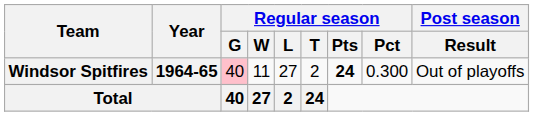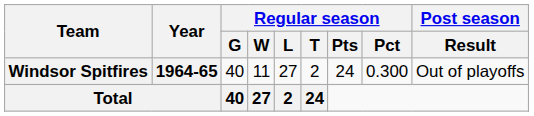 <table class="wikitable" style="font-size: 95%; text-align:center;">
 <tr>
 <th rowspan="2">Team</th>
 <th rowspan="2">Year</th>
 <th colspan="6"><a href='#'>Regular season</a></th>
 <th colspan="1"><a href='#'>Post season</a></th>
 </tr>
 <tr>
 <th>G</th>
 <th>W</th>
 <th>L</th>
 <th>T</th>
 <th>Pts</th>
 <th>Pct</th>
 <th>Result</th>
 </tr>
 <tr>
 <th>Windsor Spitfires</th>
 <th>1964-65</th>
-<td style="background: pink;">40</td>
+<td>40</td>
 <td>11</td>
 <td>27</td>
 <td>2</td>
-<td><strong>24</strong></td>
+<td>24</td>
 <td>0.300</td>
 <td>Out of playoffs</td>
 </tr>
 <tr>
 <th colspan="2">Total</th>
 <th>40</th>
 <th 11>27</th>
 <th>2</th>
 <th>24</th>
 </tr>
 </table>
